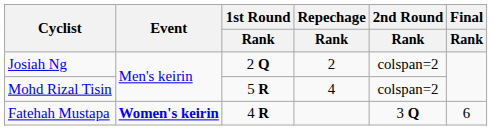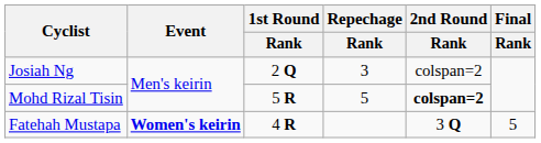 <table class="wikitable" style="font-size:90%">
 <tr>
 <th rowspan=2>Cyclist</th>
 <th rowspan=2>Event</th>
 <th>1st Round</th>
 <th>Repechage</th>
 <th>2nd Round</th>
 <th>Final</th>
 </tr>
 <tr style="font-size:95%">
 <th>Rank</th>
 <th>Rank</th>
 <th>Rank</th>
 <th>Rank</th>
 </tr>
 <tr align=center>
 <td align=left><a href='#'>Josiah Ng</a></td>
 <td align=left rowspan=2><a href='#'>Men's keirin</a></td>
 <td>2 <strong>Q</strong></td>
-<td>2</td>
+<td>3</td>
 <td>colspan=2 </td>
 </tr>
 <tr align=center>
 <td align=left><a href='#'>Mohd Rizal Tisin</a></td>
 <td>5 <strong>R</strong></td>
-<td>4</td>
-<td>colspan=2 </td>
+<td>5</td>
+<td><strong>colspan=2 </strong></td>
 </tr>
 <tr align=center>
 <td align=left><a href='#'>Fatehah Mustapa</a></td>
 <td align=left><strong><a href='#'>Women's keirin</a></strong></td>
 <td>4 <strong>R</strong></td>
 <td></td>
 <td>3 <strong>Q</strong></td>
-<td>6</td>
+<td>5</td>
 </tr>
 </table>
